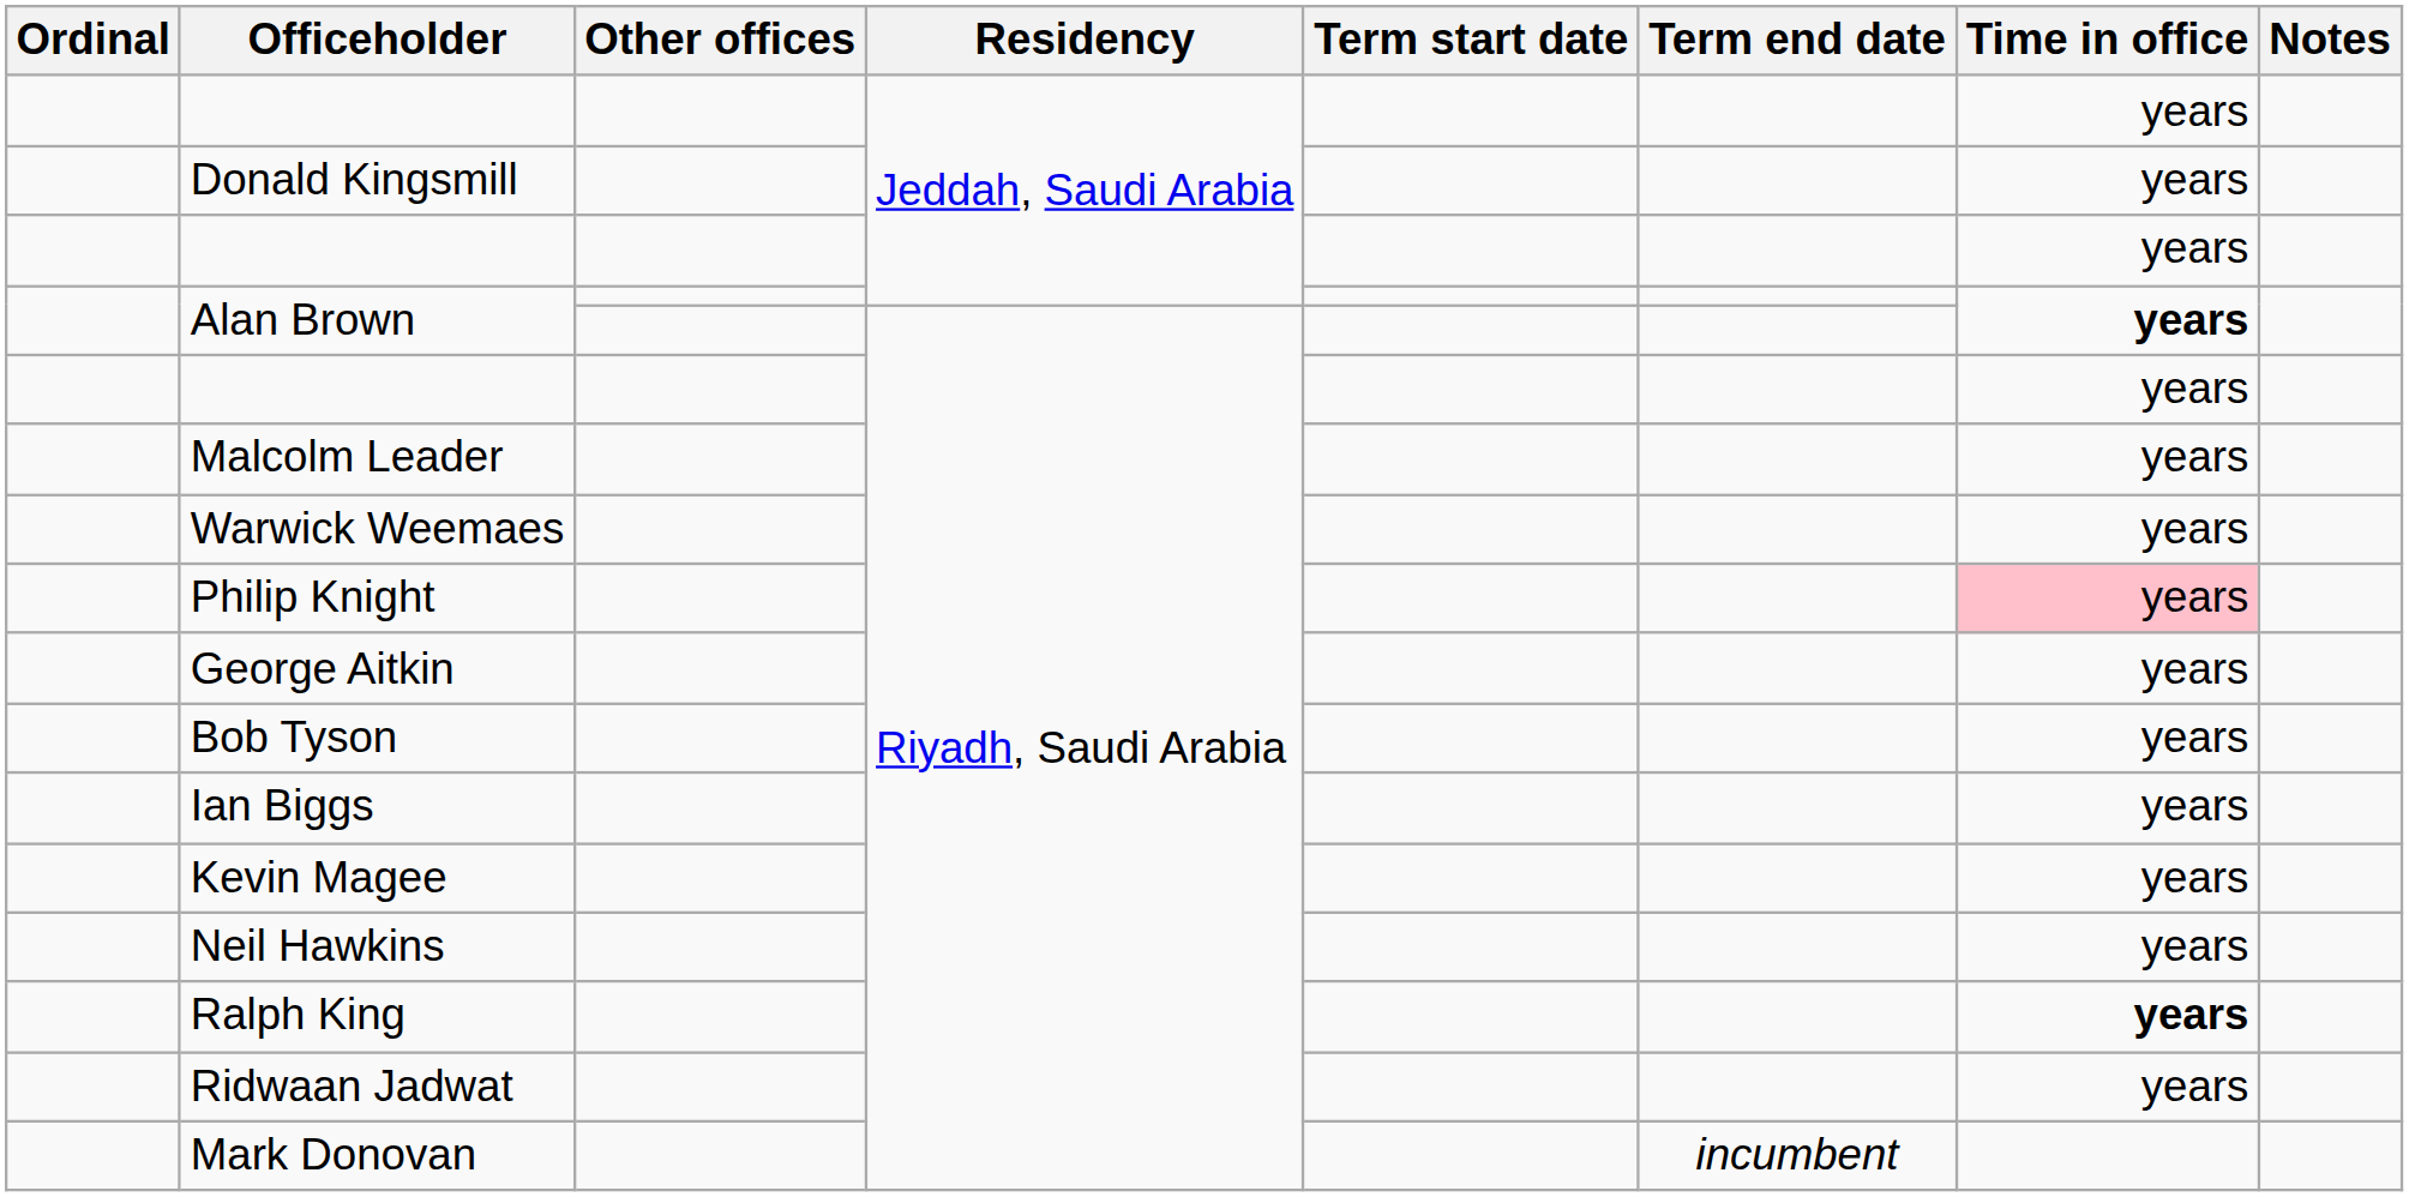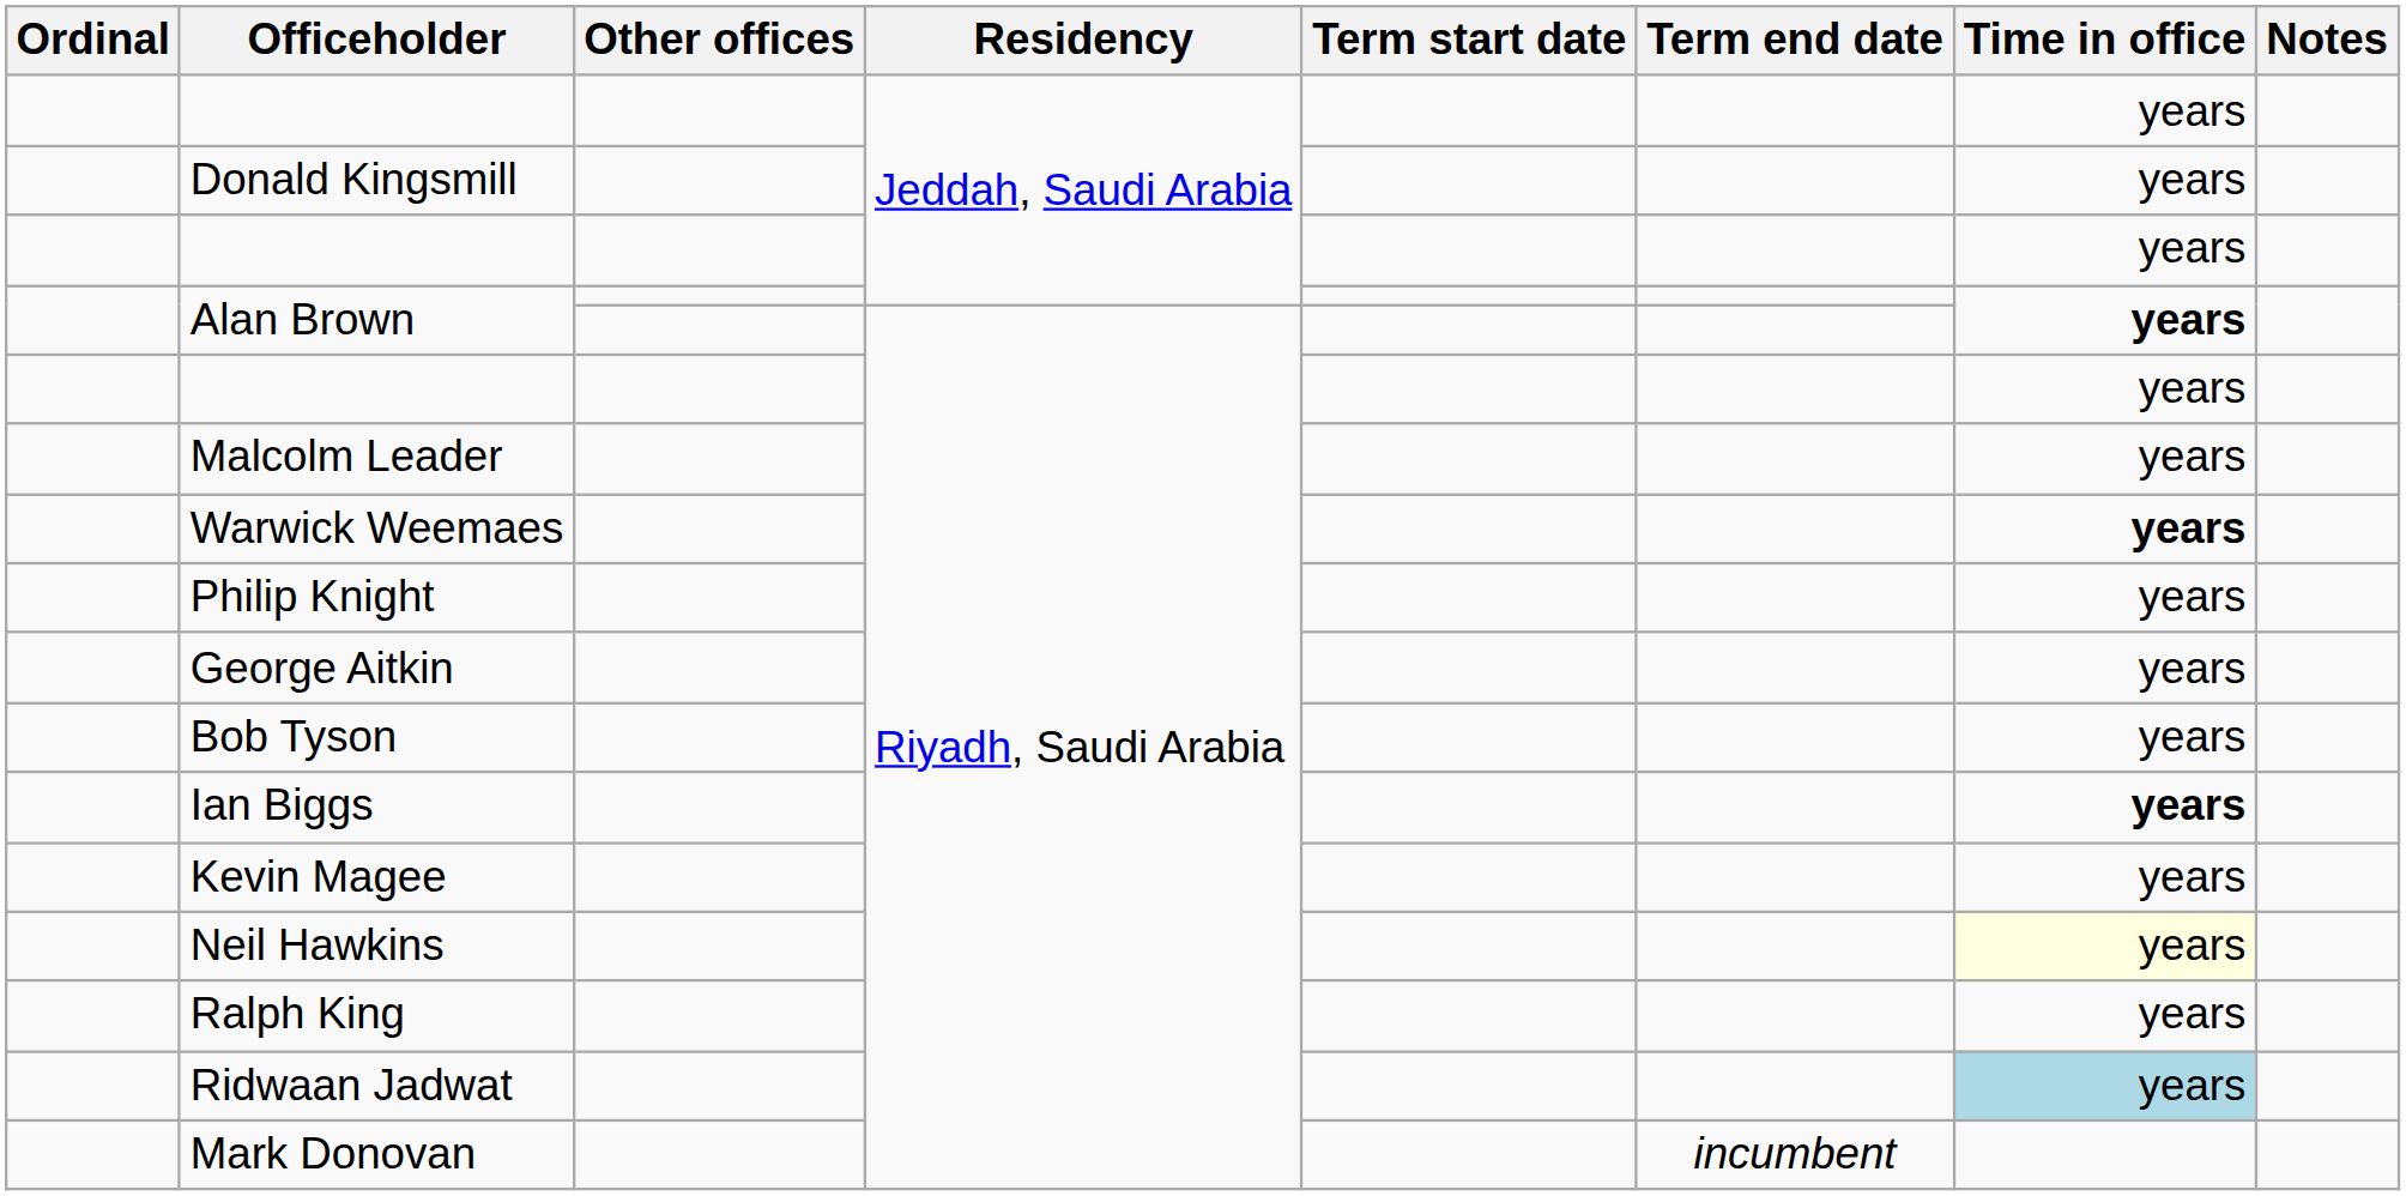 <table class='wikitable sortable'>
 <tr>
 <th>Ordinal</th>
 <th>Officeholder</th>
 <th>Other offices</th>
 <th>Residency</th>
 <th>Term start date</th>
 <th>Term end date</th>
 <th>Time in office</th>
 <th>Notes</th>
 </tr>
 <tr>
 <td align=center></td>
 <td></td>
 <td></td>
 <td rowspan=4><a href='#'>Jeddah</a>, <a href='#'>Saudi Arabia</a></td>
 <td align=center></td>
 <td align=center></td>
 <td align=right> years</td>
 <td></td>
 </tr>
 <tr>
 <td align=center></td>
 <td>Donald Kingsmill</td>
 <td></td>
 <td align=center></td>
 <td align=center></td>
 <td align=right> years</td>
 <td></td>
 </tr>
 <tr>
 <td align=center></td>
 <td></td>
 <td></td>
 <td align=center></td>
 <td align=center></td>
 <td align=right> years</td>
 <td></td>
 </tr>
 <tr>
 <td rowspan=2 align=center></td>
 <td rowspan=2>Alan Brown</td>
 <td></td>
 <td align=center></td>
 <td align=center></td>
 <td rowspan=2 align=right><strong> years</strong></td>
 <td rowspan=2></td>
 </tr>
 <tr>
 <td></td>
 <td rowspan=13><a href='#'>Riyadh</a>, Saudi Arabia</td>
 <td align=center></td>
 <td align=center></td>
 </tr>
 <tr>
 <td align=center></td>
 <td></td>
 <td></td>
 <td align=center></td>
 <td align=center></td>
 <td align=right> years</td>
 <td></td>
 </tr>
 <tr>
 <td align=center></td>
 <td>Malcolm Leader</td>
 <td></td>
 <td align=center></td>
 <td align=center></td>
 <td align=right> years</td>
 <td></td>
 </tr>
 <tr>
 <td align=center></td>
 <td>Warwick Weemaes</td>
 <td></td>
 <td align=center></td>
 <td align=center></td>
-<td align=right> years</td>
+<td align=right><strong> years</strong></td>
 <td></td>
 </tr>
 <tr>
 <td align=center></td>
 <td>Philip Knight</td>
 <td></td>
 <td align=center></td>
 <td align=center></td>
-<td align=right style="background: pink;"> years</td>
+<td align=right> years</td>
 <td></td>
 </tr>
 <tr>
 <td align=center></td>
 <td>George Aitkin</td>
 <td></td>
 <td align=center></td>
 <td align=center></td>
 <td align=right> years</td>
 <td></td>
 </tr>
 <tr>
 <td align=center></td>
 <td>Bob Tyson</td>
 <td></td>
 <td align=center></td>
 <td align=center></td>
 <td align=right> years</td>
 <td></td>
 </tr>
 <tr>
 <td align=center></td>
 <td>Ian Biggs</td>
 <td></td>
 <td align=center></td>
 <td align=center></td>
-<td align=right> years</td>
+<td align=right><strong> years</strong></td>
 <td></td>
 </tr>
 <tr>
 <td align=center></td>
 <td>Kevin Magee</td>
 <td></td>
 <td align=center></td>
 <td align=center></td>
 <td align=right> years</td>
 <td></td>
 </tr>
 <tr>
 <td align=center></td>
 <td>Neil Hawkins</td>
 <td></td>
 <td align=center></td>
 <td align=center></td>
-<td align=right> years</td>
+<td align=right style="background: lightyellow;"> years</td>
 <td></td>
 </tr>
 <tr>
 <td align=center></td>
 <td>Ralph King</td>
 <td></td>
 <td align=center></td>
 <td align=center></td>
-<td align=right><strong> years</strong></td>
+<td align=right> years</td>
 <td></td>
 </tr>
 <tr>
 <td align=center></td>
 <td>Ridwaan Jadwat</td>
 <td></td>
 <td align=center></td>
 <td align=center></td>
-<td align=right> years</td>
+<td align=right style="background: lightblue;"> years</td>
 <td></td>
 </tr>
 <tr>
 <td align=center></td>
 <td>Mark Donovan</td>
 <td></td>
 <td align=center></td>
 <td align=center><em>incumbent</em></td>
 <td align=right></td>
 <td></td>
 </tr>
 </table>
